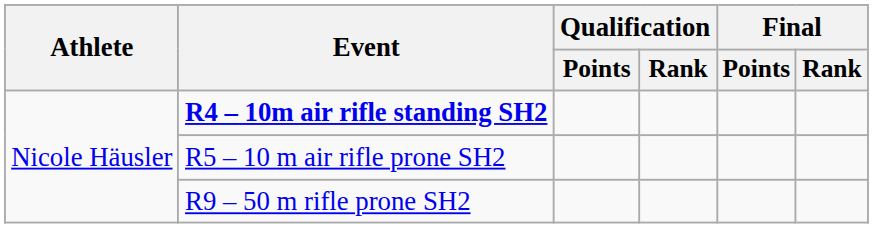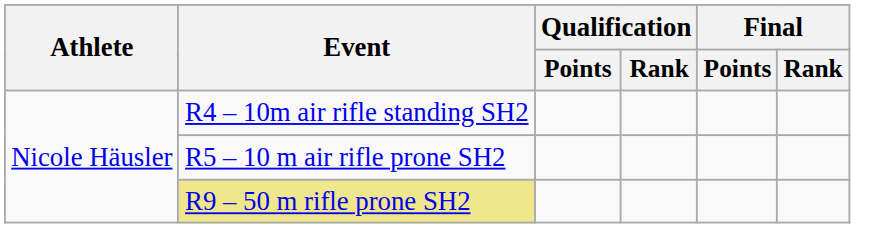 <table class="wikitable" style="font-size:90%">
 <tr>
 <th rowspan="2">Athlete</th>
 <th rowspan="2">Event</th>
 <th colspan="2">Qualification</th>
 <th colspan="2">Final</th>
 </tr>
 <tr style="font-size:95%">
 <th>Points</th>
 <th>Rank</th>
 <th>Points</th>
 <th>Rank</th>
 </tr>
 <tr align=center>
 <td align=left rowspan=3><a href='#'>Nicole Häusler</a></td>
-<td align=left><strong><a href='#'>R4 – 10m air rifle standing SH2</a></strong></td>
+<td align=left><a href='#'>R4 – 10m air rifle standing SH2</a></td>
 <td></td>
 <td></td>
 <td></td>
 <td></td>
 </tr>
 <tr align=center>
 <td align=left><a href='#'>R5 – 10 m air rifle prone SH2</a></td>
 <td></td>
 <td></td>
 <td></td>
 <td></td>
 </tr>
 <tr align=center>
-<td align=left><a href='#'>R9 – 50 m rifle prone SH2</a></td>
+<td align=left style="background: khaki;"><a href='#'>R9 – 50 m rifle prone SH2</a></td>
 <td></td>
 <td></td>
 <td></td>
 <td></td>
 </tr>
 </table>
